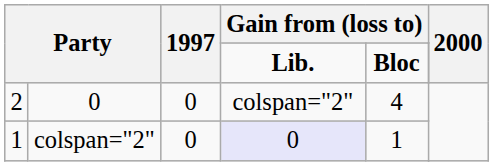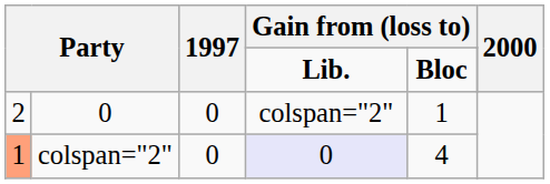 <table class="wikitable"  style="text-align:center;">
 <tr>
 <th rowspan="2" colspan="2">Party</th>
 <th rowspan="2">1997</th>
 <th colspan="4">Gain from (loss to)</th>
 <th rowspan="2">2000</th>
 </tr>
 <tr>
 <td><strong>Lib.</strong></td>
 <td><strong>Bloc</strong></td>
 </tr>
 <tr>
 <td>2</td>
 <td>0</td>
 <td>0</td>
 <td>colspan="2" </td>
-<td>4</td>
+<td>1</td>
 </tr>
 <tr>
-<td>1</td>
+<td style="background: lightsalmon;">1</td>
 <td>colspan="2" </td>
 <td>0</td>
 <td style="background: lavender;">0</td>
-<td>1</td>
+<td>4</td>
 </tr>
 </table>
